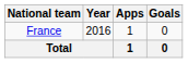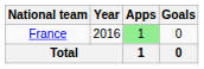 <table class="wikitable" style="text-align: center;">
 <tr>
 <th>National team</th>
 <th>Year</th>
 <th>Apps</th>
 <th>Goals</th>
 </tr>
 <tr>
 <td><a href='#'>France</a></td>
 <td>2016</td>
-<td>1</td>
+<td style="background: lightgreen;">1</td>
 <td>0</td>
 </tr>
 <tr>
 <th colspan="2">Total</th>
 <th>1</th>
 <th>0</th>
 </tr>
 </table>
